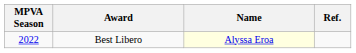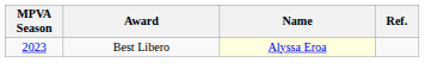 <table class="wikitable">
 <tr>
 <th width=70px>MPVA Season</th>
 <th width=200px>Award</th>
 <th width=200px>Name</th>
 <th width=50px>Ref.</th>
 </tr>
 <tr align=center>
-<td><a href='#'>2022</a></td>
+<td><a href='#'>2023</a></td>
 <td>Best Libero</td>
 <td style="background: lightyellow;"><a href='#'>Alyssa Eroa</a></td>
 <td rowspan=1></td>
 </tr>
 </table>
